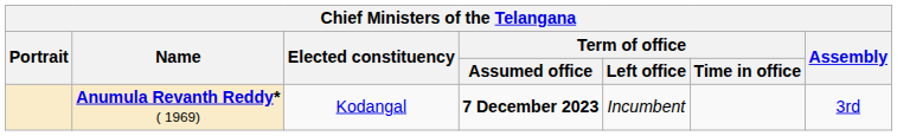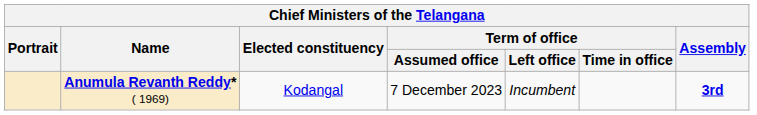 <table class="wikitable sortable" style="text-align:center;">
 <tr>
 <th colspan=8><strong>Chief Ministers of the <a href='#'>Telangana</a></strong></th>
 </tr>
 <tr>
 <th rowspan=2>Portrait</th>
 <th rowspan=2>Name<br><small></small></th>
 <th rowspan=2>Elected constituency</th>
 <th colspan=3>Term of office</th>
 <th rowspan=2><a href='#'>Assembly</a><br></th>
 </tr>
 <tr>
 <th>Assumed office</th>
 <th>Left office</th>
 <th>Time in office</th>
 </tr>
 <tr>
 <td style="background:#faecc8;text-align:center;"></td>
 <td style="background:#faecc8;text-align:center;"><strong><a href='#'>Anumula Revanth Reddy</a>*</strong><br><small>( 1969)</small></td>
 <td><a href='#'>Kodangal</a></td>
-<td><strong>7 December 2023</strong></td>
+<td>7 December 2023</td>
 <td><em>Incumbent</em></td>
 <td></td>
-<td><a href='#'>3rd</a><br></td>
+<td><strong><a href='#'>3rd</a><br></strong></td>
 </tr>
 </table>
